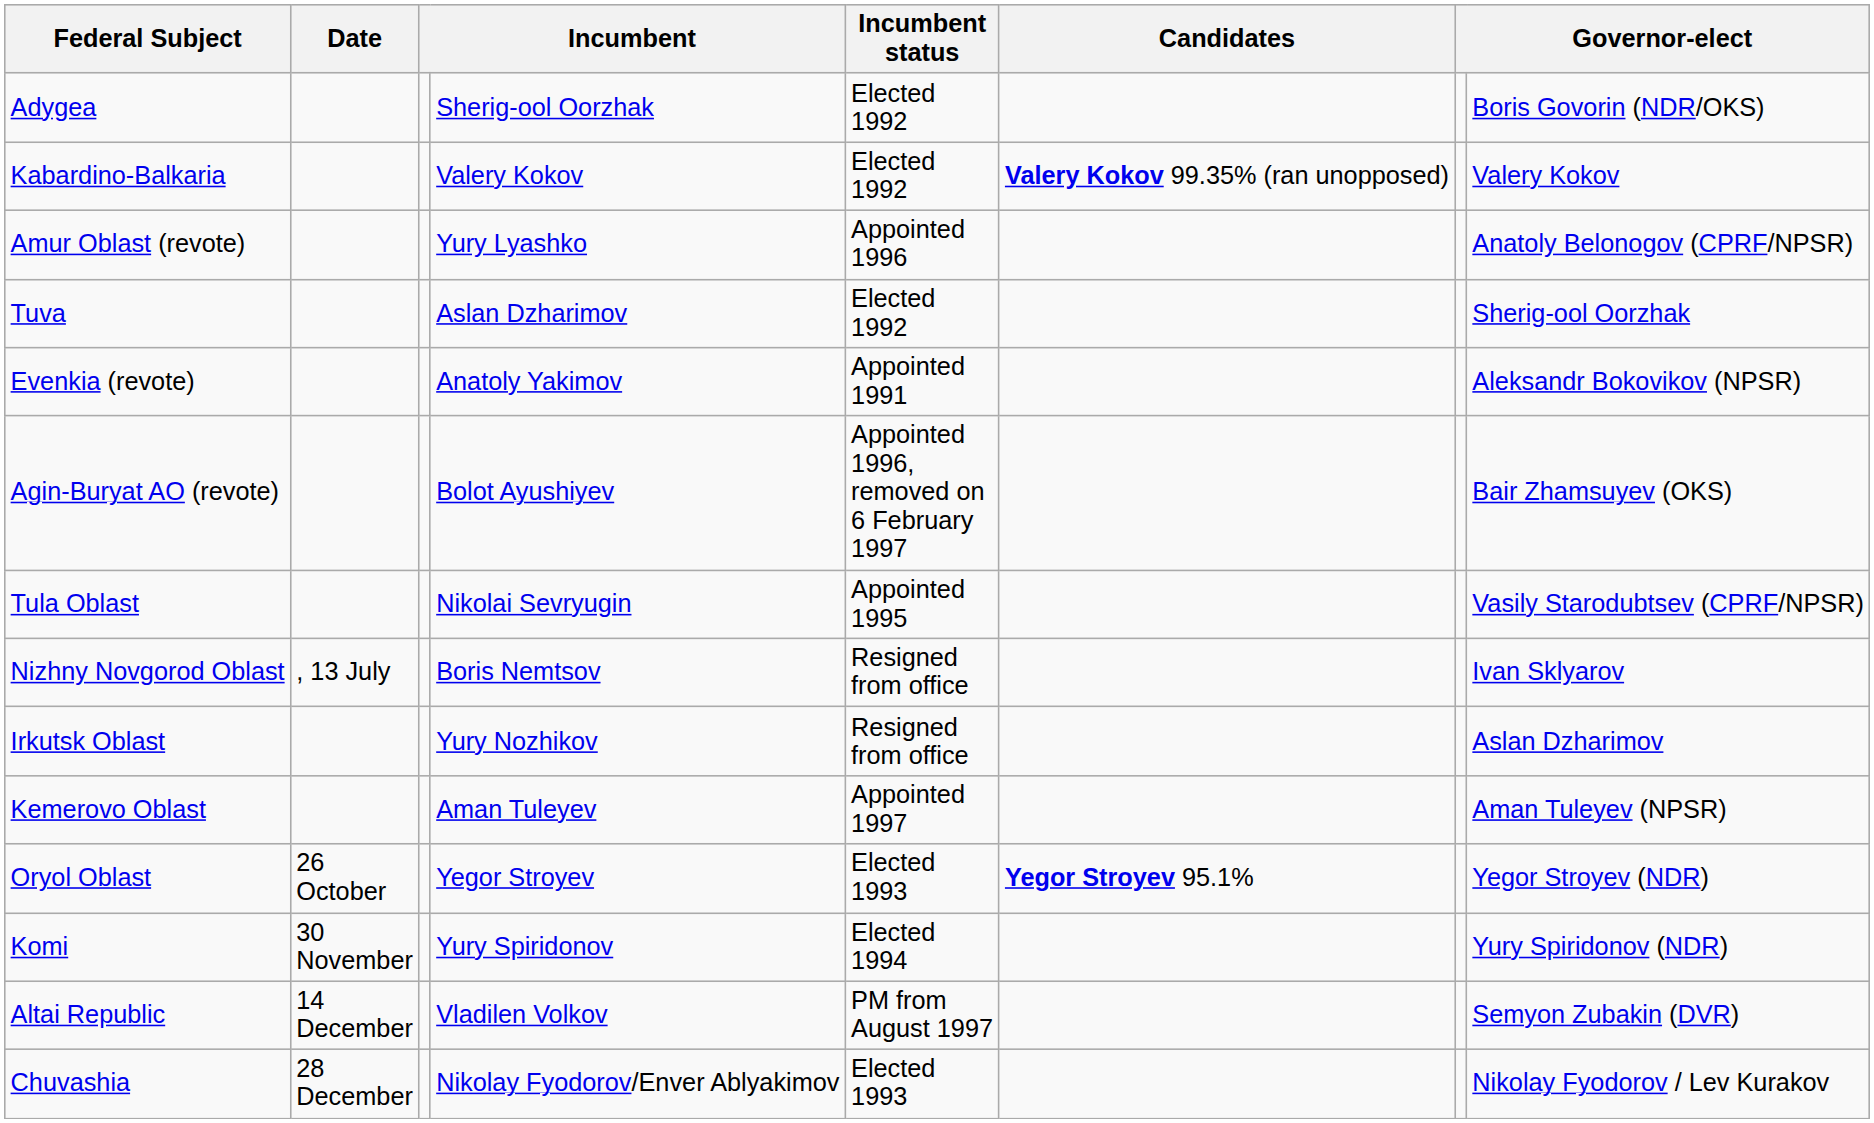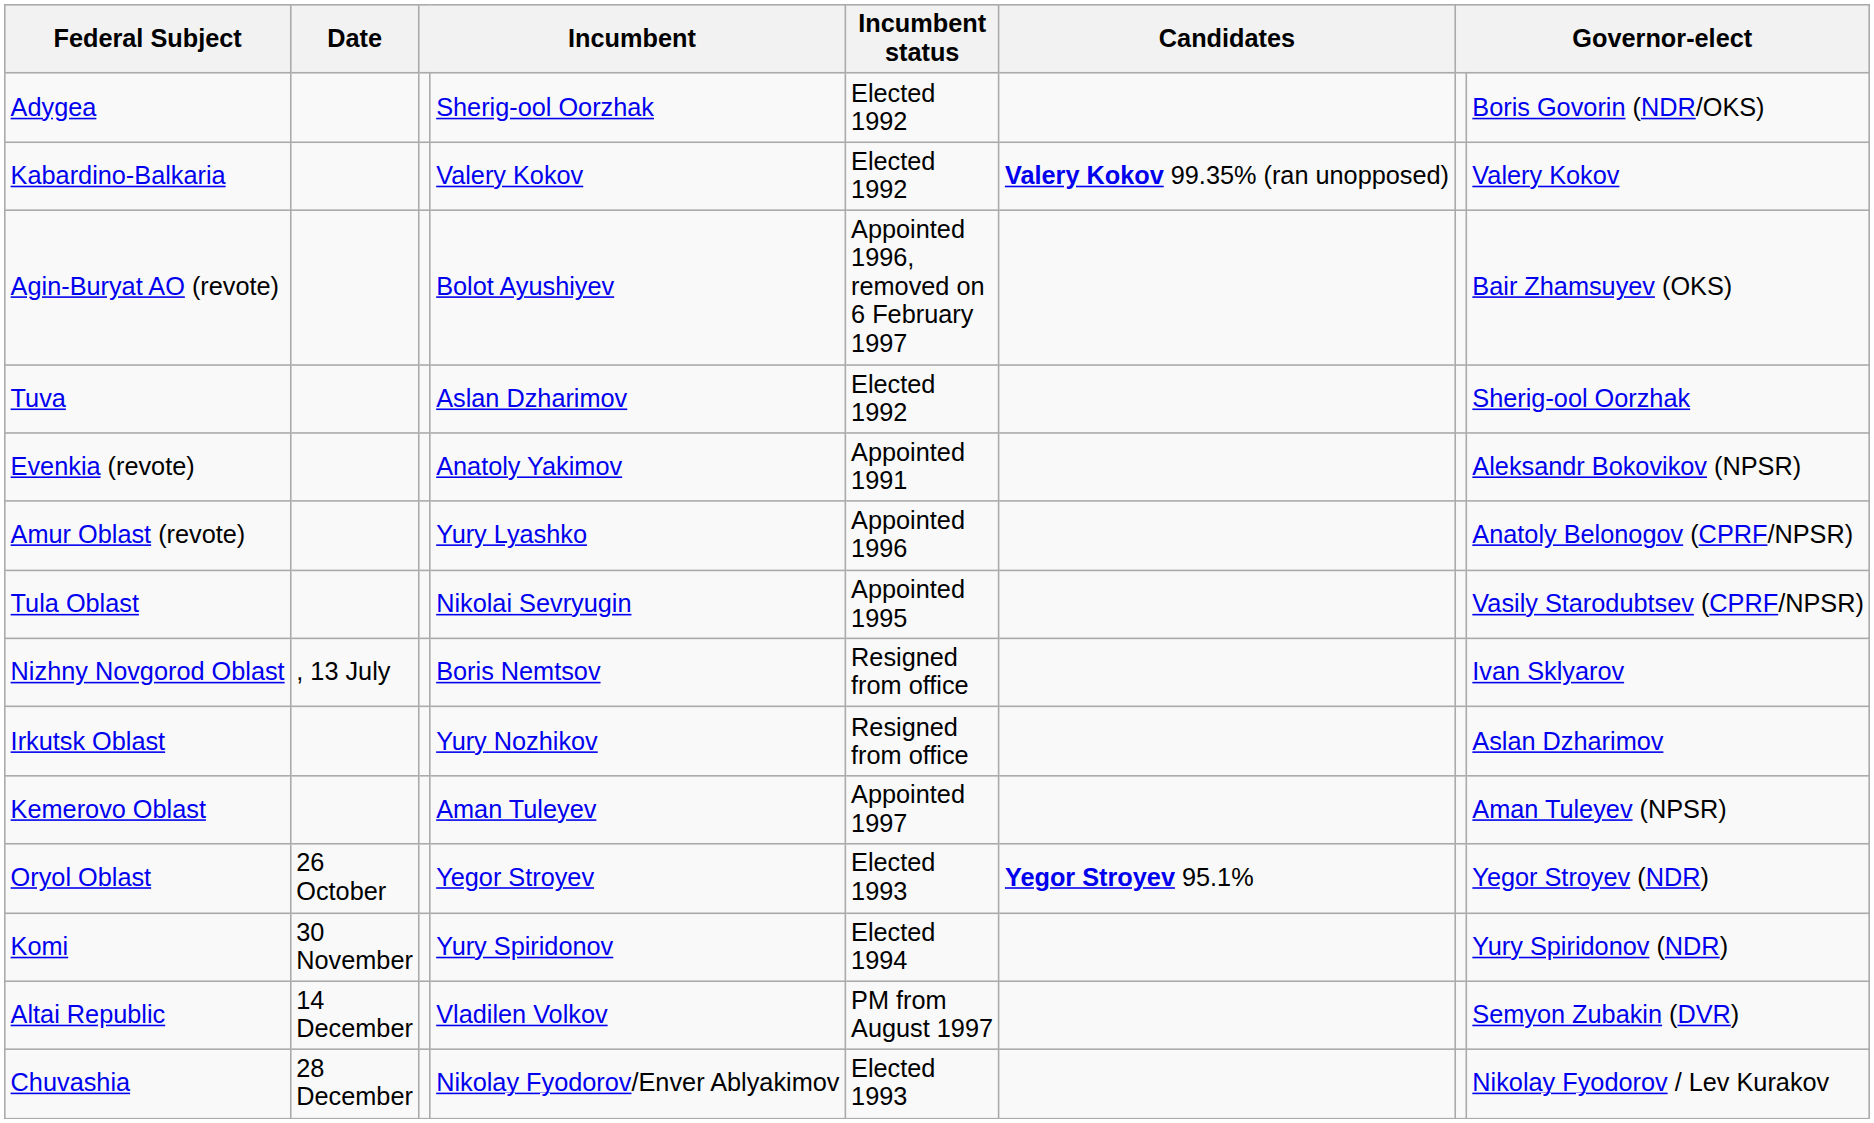 <table class="wikitable sortable">
 <tr>
 <th>Federal Subject</th>
 <th style="width: 70px">Date</th>
 <th colspan = 2>Incumbent</th>
 <th style="width: 90px">Incumbent status</th>
 <th>Candidates</th>
 <th colspan = 2>Governor-elect</th>
 </tr>
 <tr>
 <td><a href='#'>Adygea</a></td>
 <td></td>
 <td style="background:"></td>
 <td><a href='#'>Sherig-ool Oorzhak</a></td>
 <td>Elected 1992</td>
 <td></td>
 <td style="background:"></td>
 <td><a href='#'>Boris Govorin</a> (<a href='#'>NDR</a>/OKS)</td>
 </tr>
 <tr>
 <td><a href='#'>Kabardino-Balkaria</a></td>
 <td></td>
 <td style="background:"></td>
 <td><a href='#'>Valery Kokov</a></td>
 <td>Elected 1992</td>
 <td> <strong><a href='#'>Valery Kokov</a></strong> 99.35% (ran unopposed)</td>
 <td style="background:"></td>
 <td><a href='#'>Valery Kokov</a></td>
 </tr>
 <tr>
-<td><a href='#'>Amur Oblast</a> (revote)</td>
+<td><a href='#'>Agin-Buryat AO</a> (revote)</td>
 <td></td>
 <td style="background:"></td>
-<td><a href='#'>Yury Lyashko</a></td>
-<td>Appointed 1996</td>
+<td><a href='#'>Bolot Ayushiyev</a></td>
+<td>Appointed 1996, removed on 6 February 1997</td>
 <td></td>
 <td style="background:"></td>
-<td><a href='#'>Anatoly Belonogov</a> (<a href='#'>CPRF</a>/NPSR)</td>
+<td><a href='#'>Bair Zhamsuyev</a> (OKS)</td>
 </tr>
 <tr>
 <td><a href='#'>Tuva</a></td>
 <td></td>
 <td style="background:"></td>
 <td><a href='#'>Aslan Dzharimov</a></td>
 <td>Elected 1992</td>
 <td></td>
 <td style="background:"></td>
 <td><a href='#'>Sherig-ool Oorzhak</a></td>
 </tr>
 <tr>
 <td><a href='#'>Evenkia</a> (revote)</td>
 <td></td>
 <td style="background:"></td>
 <td><a href='#'>Anatoly Yakimov</a></td>
 <td>Appointed 1991</td>
 <td></td>
 <td style="background:"></td>
 <td><a href='#'>Aleksandr Bokovikov</a> (NPSR)</td>
 </tr>
 <tr>
-<td><a href='#'>Agin-Buryat AO</a> (revote)</td>
+<td><a href='#'>Amur Oblast</a> (revote)</td>
 <td></td>
 <td style="background:"></td>
-<td><a href='#'>Bolot Ayushiyev</a></td>
-<td>Appointed 1996, removed on 6 February 1997</td>
+<td><a href='#'>Yury Lyashko</a></td>
+<td>Appointed 1996</td>
 <td></td>
 <td style="background:"></td>
-<td><a href='#'>Bair Zhamsuyev</a> (OKS)</td>
+<td><a href='#'>Anatoly Belonogov</a> (<a href='#'>CPRF</a>/NPSR)</td>
 </tr>
 <tr>
 <td><a href='#'>Tula Oblast</a></td>
 <td></td>
 <td style="background:"></td>
 <td><a href='#'>Nikolai Sevryugin</a></td>
 <td>Appointed 1995</td>
 <td></td>
 <td style="background:"></td>
 <td><a href='#'>Vasily Starodubtsev</a> (<a href='#'>CPRF</a>/NPSR)</td>
 </tr>
 <tr>
 <td><a href='#'>Nizhny Novgorod Oblast</a></td>
 <td>, 13 July</td>
 <td style="background:"></td>
 <td><a href='#'>Boris Nemtsov</a></td>
 <td>Resigned from office</td>
 <td></td>
 <td style="background:"></td>
 <td><a href='#'>Ivan Sklyarov</a></td>
 </tr>
 <tr>
 <td><a href='#'>Irkutsk Oblast</a></td>
 <td></td>
 <td style="background:"></td>
 <td><a href='#'>Yury Nozhikov</a></td>
 <td>Resigned from office</td>
 <td></td>
 <td style="background:"></td>
 <td><a href='#'>Aslan Dzharimov</a></td>
 </tr>
 <tr>
 <td><a href='#'>Kemerovo Oblast</a></td>
 <td></td>
 <td style="background:"></td>
 <td><a href='#'>Aman Tuleyev</a></td>
 <td>Appointed 1997</td>
 <td></td>
 <td style="background:"></td>
 <td><a href='#'>Aman Tuleyev</a> (NPSR)</td>
 </tr>
 <tr>
 <td><a href='#'>Oryol Oblast</a></td>
 <td>26 October</td>
 <td style="background:"></td>
 <td><a href='#'>Yegor Stroyev</a></td>
 <td>Elected 1993</td>
 <td> <strong><a href='#'>Yegor Stroyev</a></strong> 95.1%</td>
 <td style="background:"></td>
 <td><a href='#'>Yegor Stroyev</a> (<a href='#'>NDR</a>)</td>
 </tr>
 <tr>
 <td><a href='#'>Komi</a></td>
 <td>30 November</td>
 <td style="background:"></td>
 <td><a href='#'>Yury Spiridonov</a></td>
 <td>Elected 1994</td>
 <td></td>
 <td style="background:"></td>
 <td><a href='#'>Yury Spiridonov</a> (<a href='#'>NDR</a>)</td>
 </tr>
 <tr>
 <td><a href='#'>Altai Republic</a></td>
 <td>14 December</td>
 <td style="background:"></td>
 <td><a href='#'>Vladilen Volkov</a></td>
 <td>PM from August 1997</td>
 <td></td>
 <td style="background:"></td>
 <td><a href='#'>Semyon Zubakin</a> (<a href='#'>DVR</a>)</td>
 </tr>
 <tr>
 <td><a href='#'>Chuvashia</a></td>
 <td>28 December</td>
 <td style="background:"></td>
 <td><a href='#'>Nikolay Fyodorov</a>/Enver Ablyakimov</td>
 <td>Elected 1993</td>
 <td></td>
 <td style="background:"></td>
 <td><a href='#'>Nikolay Fyodorov</a> / Lev Kurakov</td>
 </tr>
 </table>
